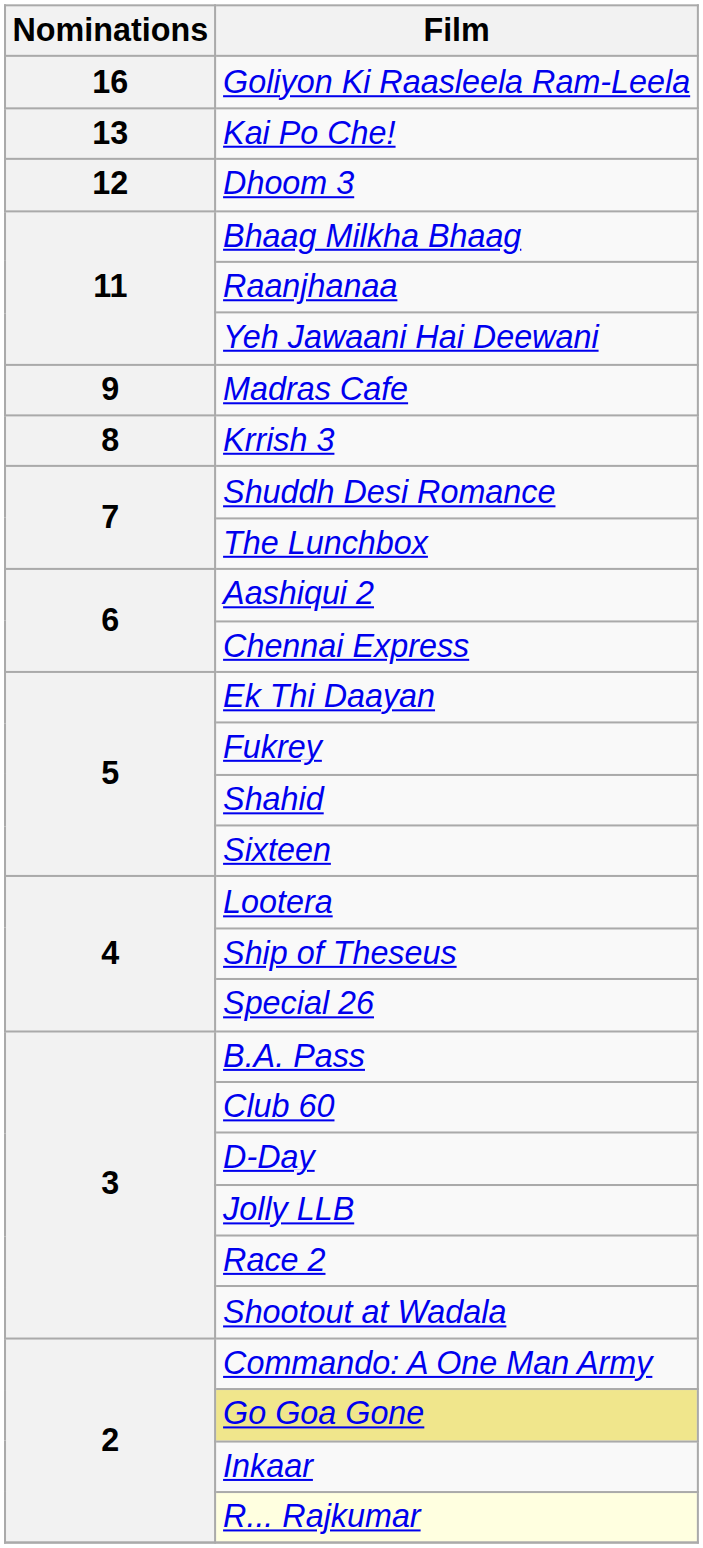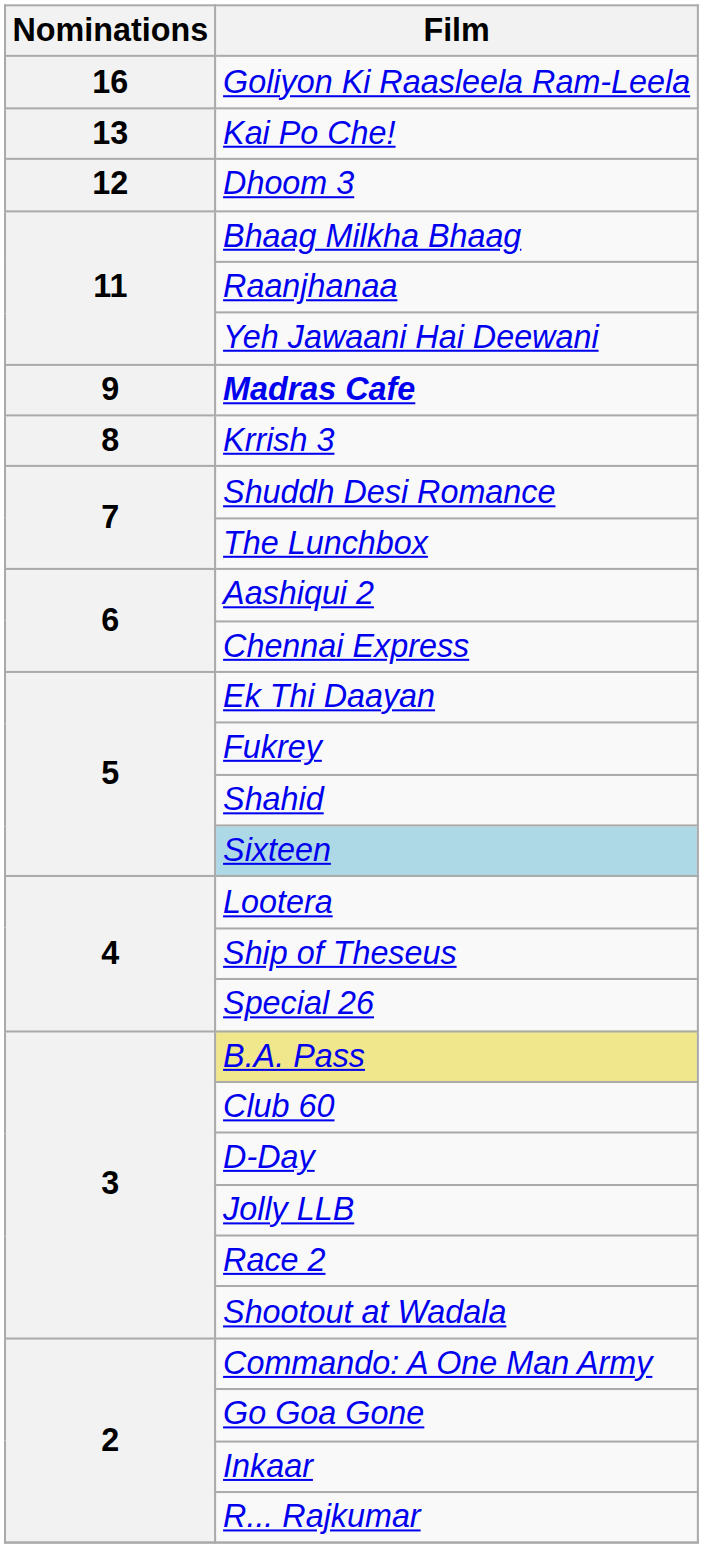 <table class="wikitable" style="display:inline-table;">
 <tr>
 <th>Nominations</th>
 <th>Film</th>
 </tr>
 <tr>
 <th>16</th>
 <td><em><a href='#'>Goliyon Ki Raasleela Ram-Leela</a></em></td>
 </tr>
 <tr>
 <th>13</th>
 <td><em><a href='#'>Kai Po Che!</a></em></td>
 </tr>
 <tr>
 <th>12</th>
 <td><em><a href='#'>Dhoom 3</a></em></td>
 </tr>
 <tr>
 <th rowspan="3">11</th>
 <td><em><a href='#'>Bhaag Milkha Bhaag</a></em></td>
 </tr>
 <tr>
 <td><em><a href='#'>Raanjhanaa</a></em></td>
 </tr>
 <tr>
 <td><em><a href='#'>Yeh Jawaani Hai Deewani</a></em></td>
 </tr>
 <tr>
 <th>9</th>
-<td><em><a href='#'>Madras Cafe</a></em></td>
+<td><strong><em><a href='#'>Madras Cafe</a></em></strong></td>
 </tr>
 <tr>
 <th>8</th>
 <td><em><a href='#'>Krrish 3</a></em></td>
 </tr>
 <tr>
 <th rowspan="2">7</th>
 <td><em><a href='#'>Shuddh Desi Romance</a></em></td>
 </tr>
 <tr>
 <td><em><a href='#'>The Lunchbox</a></em></td>
 </tr>
 <tr>
 <th rowspan="2">6</th>
 <td><em><a href='#'>Aashiqui 2</a></em></td>
 </tr>
 <tr>
 <td><em><a href='#'>Chennai Express</a></em></td>
 </tr>
 <tr>
 <th rowspan="4">5</th>
 <td><em><a href='#'>Ek Thi Daayan</a></em></td>
 </tr>
 <tr>
 <td><em><a href='#'>Fukrey</a></em></td>
 </tr>
 <tr>
 <td><em><a href='#'>Shahid</a></em></td>
 </tr>
 <tr>
-<td><em><a href='#'>Sixteen</a></em></td>
+<td style="background: lightblue;"><em><a href='#'>Sixteen</a></em></td>
 </tr>
 <tr>
 <th rowspan="3">4</th>
 <td><em><a href='#'>Lootera</a></em></td>
 </tr>
 <tr>
 <td><em><a href='#'>Ship of Theseus</a></em></td>
 </tr>
 <tr>
 <td><em><a href='#'>Special 26</a></em></td>
 </tr>
 <tr>
 <th rowspan="6">3</th>
-<td><em><a href='#'>B.A. Pass</a></em></td>
+<td style="background: khaki;"><em><a href='#'>B.A. Pass</a></em></td>
 </tr>
 <tr>
 <td><em><a href='#'>Club 60</a></em></td>
 </tr>
 <tr>
 <td><em><a href='#'>D-Day</a></em></td>
 </tr>
 <tr>
 <td><em><a href='#'>Jolly LLB</a></em></td>
 </tr>
 <tr>
 <td><em><a href='#'>Race 2</a></em></td>
 </tr>
 <tr>
 <td><em><a href='#'>Shootout at Wadala</a></em></td>
 </tr>
 <tr>
 <th rowspan="4">2</th>
 <td><em><a href='#'>Commando: A One Man Army</a></em></td>
 </tr>
 <tr>
-<td style="background: khaki;"><em><a href='#'>Go Goa Gone</a></em></td>
+<td><em><a href='#'>Go Goa Gone</a></em></td>
 </tr>
 <tr>
 <td><em><a href='#'>Inkaar</a></em></td>
 </tr>
 <tr>
-<td style="background: lightyellow;"><em><a href='#'>R... Rajkumar</a></em></td>
+<td><em><a href='#'>R... Rajkumar</a></em></td>
 </tr>
 <tr>
 </tr>
 </table>
